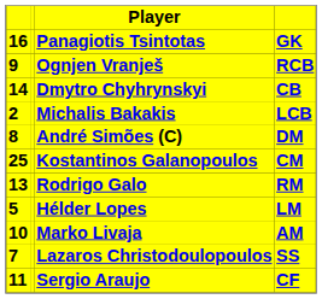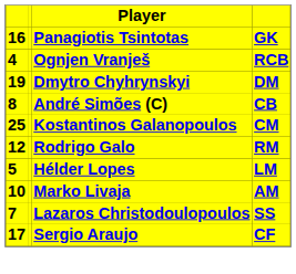 <table class="toccolours" border="0" cellpadding="2" cellspacing="0" align="center" style="margin: 0.5em 0 1em 1em; background: #000000; border: 1px #aaaaaa solid;">
 <tr bgcolor=#FFFF00>
 <th></th>
 <th></th>
 <th>Player</th>
 <th></th>
 </tr>
 <tr bgcolor=#FFFF00>
 <td><strong>16</strong></td>
 <td></td>
 <td><a href='#'><span><strong>Panagiotis Tsintotas</strong></span></a></td>
 <td><a href='#'><strong>GK</strong></a></td>
 </tr>
 <tr bgcolor=#FFFF00>
-<td><strong>9</strong></td>
+<td><strong>4</strong></td>
 <td></td>
 <td><a href='#'><span><strong>Ognjen Vranješ</strong></span></a></td>
 <td><a href='#'><strong>RCB</strong></a></td>
 </tr>
 <tr bgcolor=#FFFF00>
-<td><strong>14</strong></td>
+<td><strong>19</strong></td>
 <td></td>
 <td><a href='#'><span><strong>Dmytro Chyhrynskyi</strong></span></a></td>
-<td><a href='#'><strong>CB</strong></a></td>
-</tr>
-<tr bgcolor=#FFFF00>
-<td><strong>2</strong></td>
-<td></td>
-<td><a href='#'><span><strong>Michalis Bakakis</strong></span></a></td>
-<td><a href='#'><strong>LCB</strong></a></td>
+<td><a href='#'><strong>DM</strong></a></td>
 </tr>
 <tr bgcolor=#FFFF00>
 <td><strong>8</strong></td>
 <td></td>
 <td><a href='#'><span><strong>André Simões</strong></span></a> <strong>(C)</strong></td>
-<td><a href='#'><strong>DM</strong></a></td>
+<td><a href='#'><strong>CB</strong></a></td>
 </tr>
 <tr bgcolor=#FFFF00>
 <td><strong>25</strong></td>
 <td></td>
 <td><a href='#'><span><strong>Kostantinos Galanopoulos</strong></span></a></td>
 <td><a href='#'><strong>CM</strong></a></td>
 </tr>
 <tr bgcolor=#FFFF00>
-<td><strong>13</strong></td>
+<td><strong>12</strong></td>
 <td></td>
 <td><a href='#'><span><strong>Rodrigo Galo</strong></span></a></td>
 <td><a href='#'><strong>RM</strong></a></td>
 </tr>
 <tr bgcolor=#FFFF00>
 <td><strong>5</strong></td>
 <td></td>
 <td><a href='#'><span><strong>Hélder Lopes</strong></span></a></td>
 <td><a href='#'><strong>LM</strong></a></td>
 </tr>
 <tr bgcolor=#FFFF00>
 <td><strong>10</strong></td>
 <td></td>
 <td><a href='#'><span><strong>Marko Livaja</strong></span></a></td>
 <td><a href='#'><strong>AM</strong></a></td>
 </tr>
 <tr bgcolor=#FFFF00>
 <td><strong>7</strong></td>
 <td></td>
 <td><a href='#'><span><strong>Lazaros Christodoulopoulos</strong></span></a></td>
 <td><a href='#'><strong>SS</strong></a></td>
 </tr>
 <tr bgcolor=#FFFF00>
-<td><strong>11</strong></td>
+<td><strong>17</strong></td>
 <td></td>
 <td><a href='#'><span><strong>Sergio Araujo</strong></span></a></td>
 <td><a href='#'><strong>CF</strong></a></td>
 </tr>
 </table>
